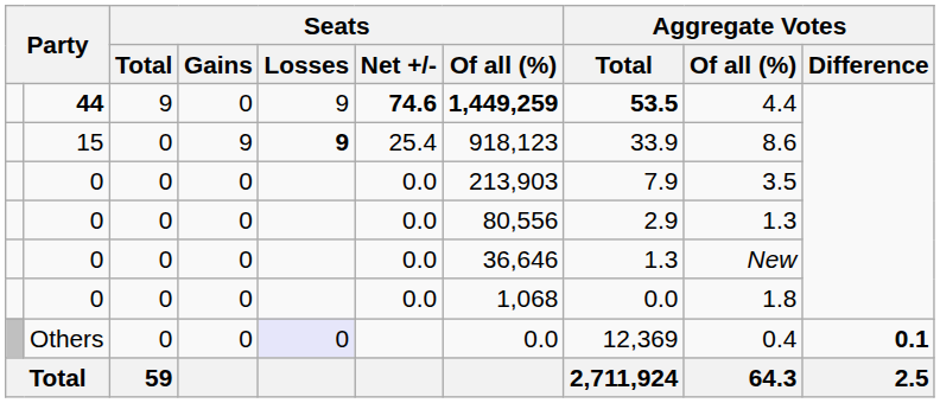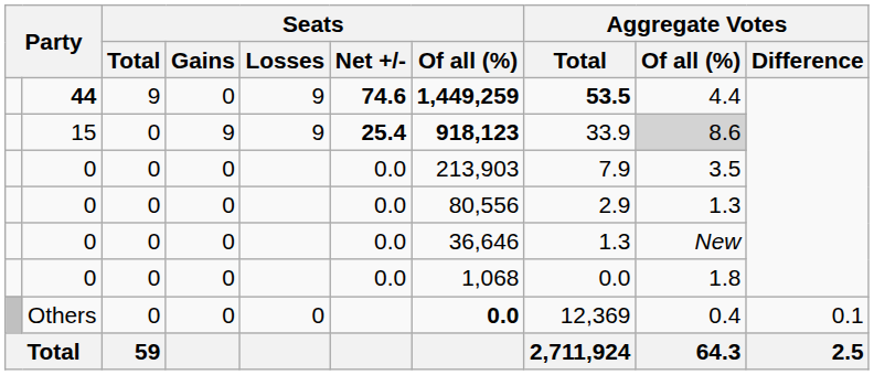 <table class="wikitable sortable" style="text-align:right; font-size:95%;">
 <tr>
 <th colspan="2" rowspan="2">Party</th>
 <th colspan="5">Seats</th>
 <th colspan="3">Aggregate Votes</th>
 </tr>
 <tr>
 <th>Total</th>
 <th>Gains</th>
 <th>Losses</th>
 <th>Net +/-</th>
 <th>Of all (%)</th>
 <th>Total</th>
 <th>Of all (%)</th>
 <th>Difference</th>
 </tr>
 <tr>
 <td></td>
 <td><strong>44</strong></td>
 <td>9</td>
 <td>0</td>
 <td>9</td>
 <td><strong>74.6</strong></td>
 <td><strong>1,449,259</strong></td>
 <td><strong>53.5</strong></td>
 <td>4.4</td>
 </tr>
 <tr>
 <td></td>
 <td>15</td>
 <td>0</td>
 <td>9</td>
-<td><strong>9</strong></td>
-<td>25.4</td>
-<td>918,123</td>
+<td>9</td>
+<td><strong>25.4</strong></td>
+<td><strong>918,123</strong></td>
 <td>33.9</td>
-<td>8.6</td>
+<td style="background: lightgrey;">8.6</td>
 </tr>
 <tr>
 <td></td>
 <td>0</td>
 <td>0</td>
 <td>0</td>
 <td></td>
 <td>0.0</td>
 <td>213,903</td>
 <td>7.9</td>
 <td>3.5</td>
 </tr>
 <tr>
 <td></td>
 <td>0</td>
 <td>0</td>
 <td>0</td>
 <td></td>
 <td>0.0</td>
 <td>80,556</td>
 <td>2.9</td>
 <td>1.3</td>
 </tr>
 <tr>
 <td></td>
 <td>0</td>
 <td>0</td>
 <td>0</td>
 <td></td>
 <td>0.0</td>
 <td>36,646</td>
 <td>1.3</td>
 <td><em>New</em></td>
 </tr>
 <tr>
 <td></td>
 <td>0</td>
 <td>0</td>
 <td>0</td>
 <td></td>
 <td>0.0</td>
 <td>1,068</td>
 <td>0.0</td>
 <td>1.8</td>
 </tr>
 <tr>
 <td style="background:silver;"> </td>
 <td align=left>Others</td>
 <td>0</td>
 <td>0</td>
-<td style="background: lavender;">0</td>
+<td>0</td>
 <td></td>
-<td>0.0</td>
+<td><strong>0.0</strong></td>
 <td>12,369</td>
 <td>0.4</td>
-<td><strong>0.1</strong></td>
+<td>0.1</td>
 </tr>
 <tr class="sortbottom">
 <th colspan="2" style="background:#f2f2f2">Total</th>
 <td style="background:#f2f2f2;"><strong>59</strong></td>
 <td style="background:#f2f2f2;"></td>
 <td style="background:#f2f2f2;"></td>
 <td style="background:#f2f2f2;"></td>
 <td style="background:#f2f2f2;"></td>
 <td style="background:#f2f2f2;"><strong>2,711,924</strong></td>
 <td style="background:#f2f2f2;"><strong>64.3</strong></td>
 <td style="background:#f2f2f2;"><strong>2.5</strong></td>
 </tr>
 </table>
